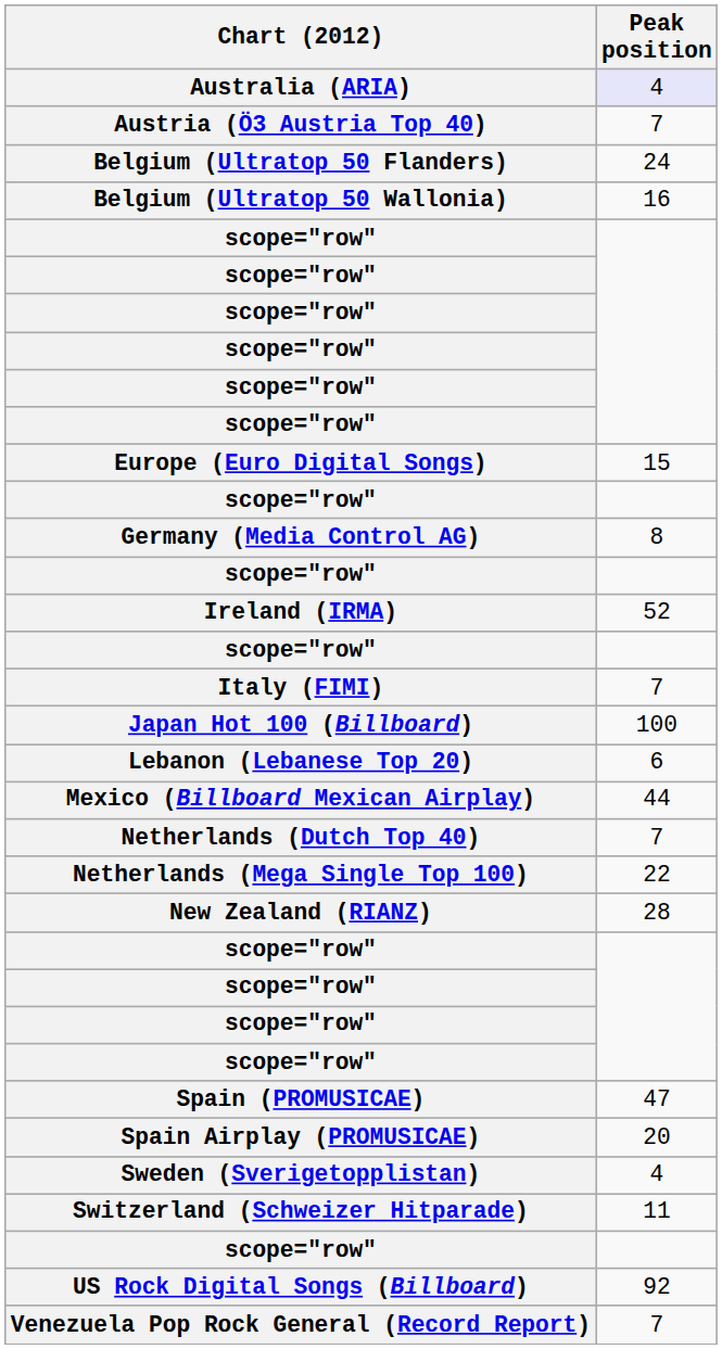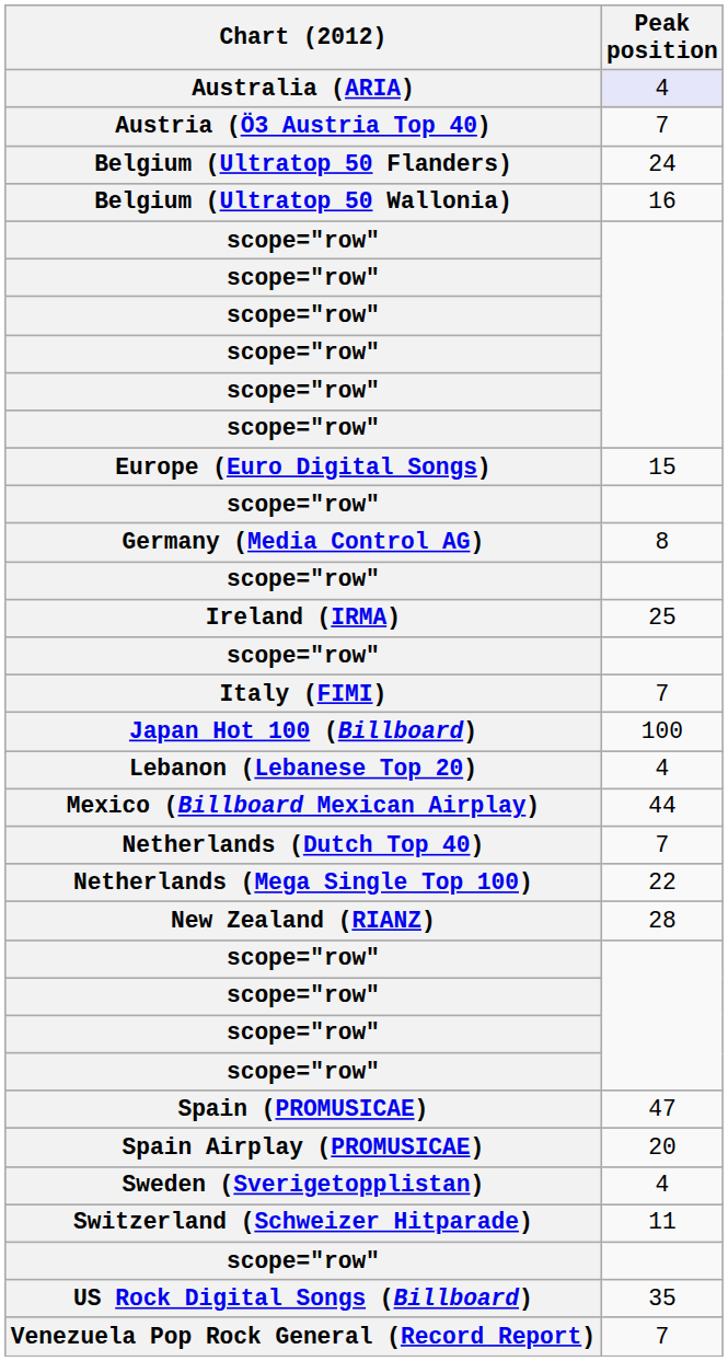 <table class="wikitable sortable plainrowheaders" style="text-align:center;">
 <tr>
 <th>Chart (2012)</th>
 <th>Peak<br>position</th>
 </tr>
 <tr>
 <th scope="row">Australia (<a href='#'>ARIA</a>)</th>
 <td style="background: lavender;">4</td>
 </tr>
 <tr>
 <th scope="row">Austria (<a href='#'>Ö3 Austria Top 40</a>)</th>
 <td>7</td>
 </tr>
 <tr>
 <th scope="row">Belgium (<a href='#'>Ultratop 50</a> Flanders)</th>
 <td>24</td>
 </tr>
 <tr>
 <th scope="row">Belgium (<a href='#'>Ultratop 50</a> Wallonia)</th>
 <td>16</td>
 </tr>
 <tr>
 <th>scope="row" </th>
 </tr>
 <tr>
 <th>scope="row" </th>
 </tr>
 <tr>
 <th>scope="row" </th>
 </tr>
 <tr>
 <th>scope="row" </th>
 </tr>
 <tr>
 <th>scope="row" </th>
 </tr>
 <tr>
 <th>scope="row" </th>
 </tr>
 <tr>
 <th scope="row">Europe (<a href='#'>Euro Digital Songs</a>)</th>
 <td style="text-align:center;">15</td>
 </tr>
 <tr>
 <th>scope="row" </th>
 </tr>
 <tr>
 <th scope="row">Germany (<a href='#'>Media Control AG</a>)</th>
 <td>8</td>
 </tr>
 <tr>
 <th>scope="row" </th>
 </tr>
 <tr>
 <th scope="row">Ireland (<a href='#'>IRMA</a>)</th>
-<td>52</td>
+<td>25</td>
 </tr>
 <tr>
 <th>scope="row" </th>
 </tr>
 <tr>
 <th scope="row">Italy (<a href='#'>FIMI</a>)</th>
 <td>7</td>
 </tr>
 <tr>
 <th scope="row"><a href='#'>Japan Hot 100</a> (<a href='#'><em>Billboard</em></a>)</th>
 <td>100</td>
 </tr>
 <tr>
 <th scope="row">Lebanon (<a href='#'>Lebanese Top 20</a>)</th>
-<td style="text-align:center;">6</td>
+<td style="text-align:center;">4</td>
 </tr>
 <tr>
 <th scope="row">Mexico (<a href='#'><em>Billboard</em> Mexican Airplay</a>)</th>
 <td style="text-align:center;">44</td>
 </tr>
 <tr>
 <th scope="row">Netherlands (<a href='#'>Dutch Top 40</a>)</th>
 <td>7</td>
 </tr>
 <tr>
 <th scope="row">Netherlands (<a href='#'>Mega Single Top 100</a>)</th>
 <td>22</td>
 </tr>
 <tr>
 <th scope="row">New Zealand (<a href='#'>RIANZ</a>)</th>
 <td>28</td>
 </tr>
 <tr>
 <th>scope="row" </th>
 </tr>
 <tr>
 <th>scope="row"</th>
 </tr>
 <tr>
 <th>scope="row" </th>
 </tr>
 <tr>
 <th>scope="row" </th>
 </tr>
 <tr>
 <th scope="row">Spain (<a href='#'>PROMUSICAE</a>)</th>
 <td>47</td>
 </tr>
 <tr>
 <th scope="row">Spain Airplay (<a href='#'>PROMUSICAE</a>)</th>
 <td>20</td>
 </tr>
 <tr>
 <th scope="row">Sweden (<a href='#'>Sverigetopplistan</a>)</th>
 <td>4</td>
 </tr>
 <tr>
 <th scope="row">Switzerland (<a href='#'>Schweizer Hitparade</a>)</th>
 <td>11</td>
 </tr>
 <tr>
 <th>scope="row" </th>
 </tr>
 <tr>
 <th scope="row">US <a href='#'>Rock Digital Songs</a> (<em><a href='#'>Billboard</a></em>)</th>
-<td align="center">92</td>
+<td align="center">35</td>
 </tr>
 <tr>
 <th scope="row">Venezuela Pop Rock General (<a href='#'>Record Report</a>)</th>
 <td align="center">7</td>
 </tr>
 </table>
